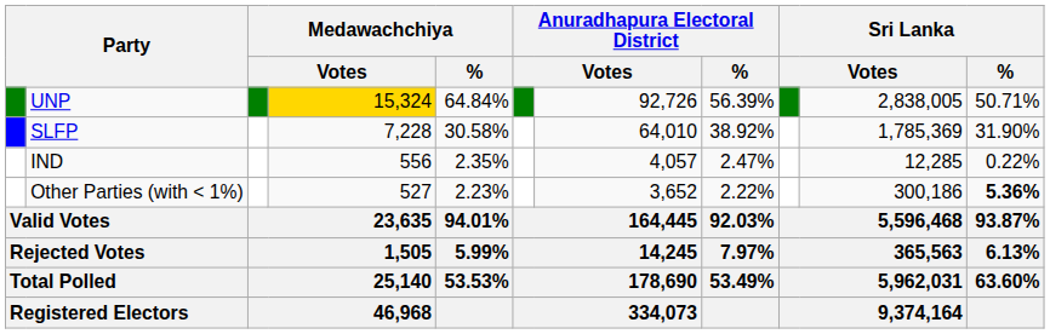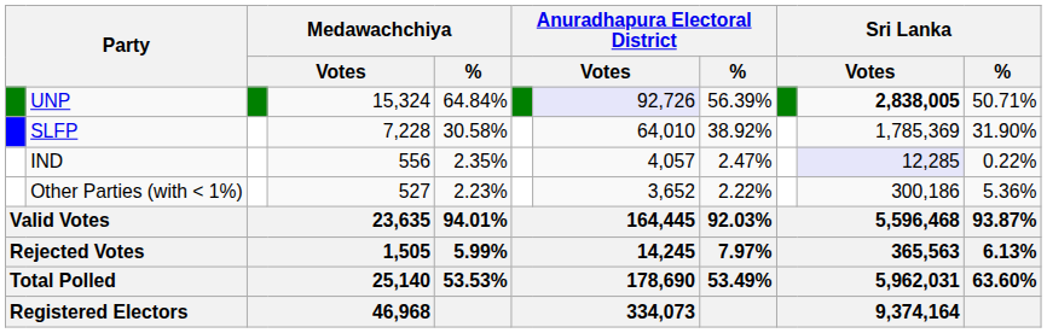 <table class="wikitable">
 <tr>
 <th colspan="2" width="144px"rowspan="2">Party</th>
 <th colspan="3" width="216px">Medawachchiya</th>
 <th colspan="3" width="216px"><a href='#'>Anuradhapura Electoral District</a></th>
 <th colspan="3" width="216px">Sri Lanka</th>
 </tr>
 <tr>
 <th colspan="2" width="144px">Votes</th>
 <th>%</th>
 <th colspan="2" width="144px">Votes</th>
 <th>%</th>
 <th colspan="2" width="144px">Votes</th>
 <th>%</th>
 </tr>
 <tr>
 <td style="background-color:green;" width="10px"></td>
 <td style="text-align:left;"><a href='#'>UNP</a></td>
 <td style="background-color:green;" width="10px"></td>
-<td style="background: gold; text-align:right;">15,324</td>
+<td style="text-align:right;">15,324</td>
 <td style="text-align:right;">64.84%</td>
 <td style="background-color:green;" width="10px"></td>
-<td style="text-align:right;">92,726</td>
+<td style="background: lavender; text-align:right;">92,726</td>
 <td style="text-align:right;">56.39%</td>
 <td style="background-color:green;" width="10px"></td>
-<td style="text-align:right;">2,838,005</td>
+<td style="text-align:right;"><strong>2,838,005</strong></td>
 <td style="text-align:right;">50.71%</td>
 </tr>
 <tr>
 <td style="background-color:blue;" width="10px"></td>
 <td style="text-align:left;"><a href='#'>SLFP</a></td>
 <td style="background-color:white;" width="10px"></td>
 <td style="text-align:right;">7,228</td>
 <td style="text-align:right;">30.58%</td>
 <td style="background-color:white;" width="10px"></td>
 <td style="text-align:right;">64,010</td>
 <td style="text-align:right;">38.92%</td>
 <td style="background-color:white;" width="10px"></td>
 <td style="text-align:right;">1,785,369</td>
 <td style="text-align:right;">31.90%</td>
 </tr>
 <tr>
 <td style="background-color:white;" width="10px"></td>
 <td style="text-align:left;">IND</td>
 <td style="background-color:white;" width="10px"></td>
 <td style="text-align:right;">556</td>
 <td style="text-align:right;">2.35%</td>
 <td style="background-color:white;" width="10px"></td>
 <td style="text-align:right;">4,057</td>
 <td style="text-align:right;">2.47%</td>
 <td style="background-color:white;" width="10px"></td>
-<td style="text-align:right;">12,285</td>
+<td style="background: lavender; text-align:right;">12,285</td>
 <td style="text-align:right;">0.22%</td>
 </tr>
 <tr>
 <td style="background-color:white;" width="10px"></td>
 <td style="text-align:left;">Other Parties (with < 1%)</td>
 <td style="background-color:white;" width="10px"></td>
 <td style="text-align:right;">527</td>
 <td style="text-align:right;">2.23%</td>
 <td style="background-color:white;" width="10px"></td>
 <td style="text-align:right;">3,652</td>
 <td style="text-align:right;">2.22%</td>
 <td style="background-color:white;" width="10px"></td>
 <td style="text-align:right;">300,186</td>
-<td style="text-align:right;"><strong>5.36%</strong></td>
+<td style="text-align:right;">5.36%</td>
 </tr>
 <tr>
 <th colspan="2" width="144px"style="text-align:left;">Valid Votes</th>
 <th style="text-align:right;"colspan="2" width="144px">23,635</th>
 <th style="text-align:right;">94.01%</th>
 <th style="text-align:right;"colspan="2" width="144px">164,445</th>
 <th style="text-align:right;">92.03%</th>
 <th style="text-align:right;"colspan="2" width="144px">5,596,468</th>
 <th style="text-align:right;">93.87%</th>
 </tr>
 <tr>
 <th colspan="2" width="144px"style="text-align:left;">Rejected Votes</th>
 <th style="text-align:right;"colspan="2" width="144px">1,505</th>
 <th style="text-align:right;">5.99%</th>
 <th style="text-align:right;"colspan="2" width="144px">14,245</th>
 <th style="text-align:right;">7.97%</th>
 <th style="text-align:right;"colspan="2" width="144px">365,563</th>
 <th style="text-align:right;">6.13%</th>
 </tr>
 <tr>
 <th colspan="2" width="144px"style="text-align:left;">Total Polled</th>
 <th style="text-align:right;"colspan="2" width="144px">25,140</th>
 <th style="text-align:right;">53.53%</th>
 <th style="text-align:right;"colspan="2" width="144px">178,690</th>
 <th style="text-align:right;">53.49%</th>
 <th style="text-align:right;"colspan="2" width="144px">5,962,031</th>
 <th style="text-align:right;">63.60%</th>
 </tr>
 <tr>
 <th colspan="2" width="144px"style="text-align:left;">Registered Electors</th>
 <th style="text-align:right;"colspan="2" width="144px">46,968</th>
 <th></th>
 <th style="text-align:right;"colspan="2" width="144px">334,073</th>
 <th></th>
 <th style="text-align:right;"colspan="2" width="144px">9,374,164</th>
 <th></th>
 </tr>
 </table>
